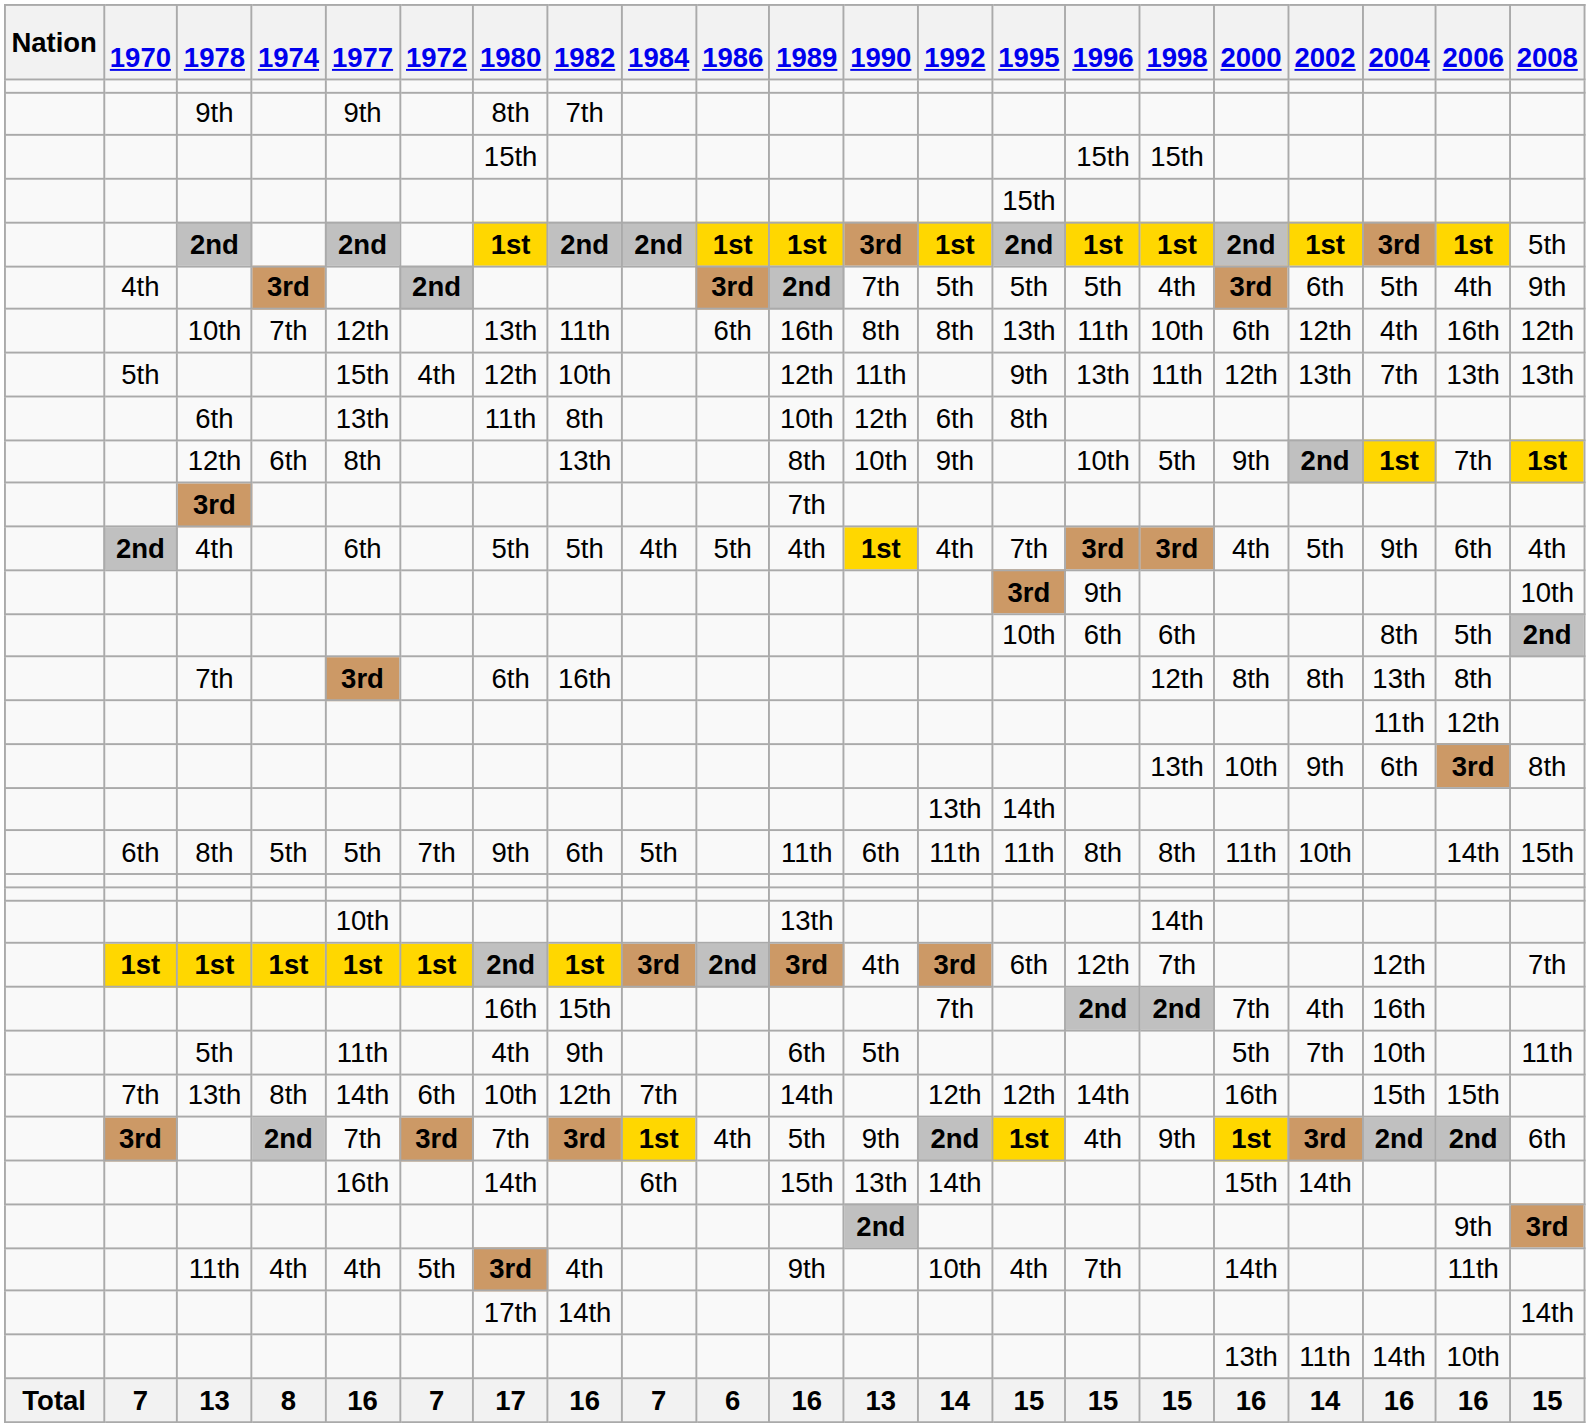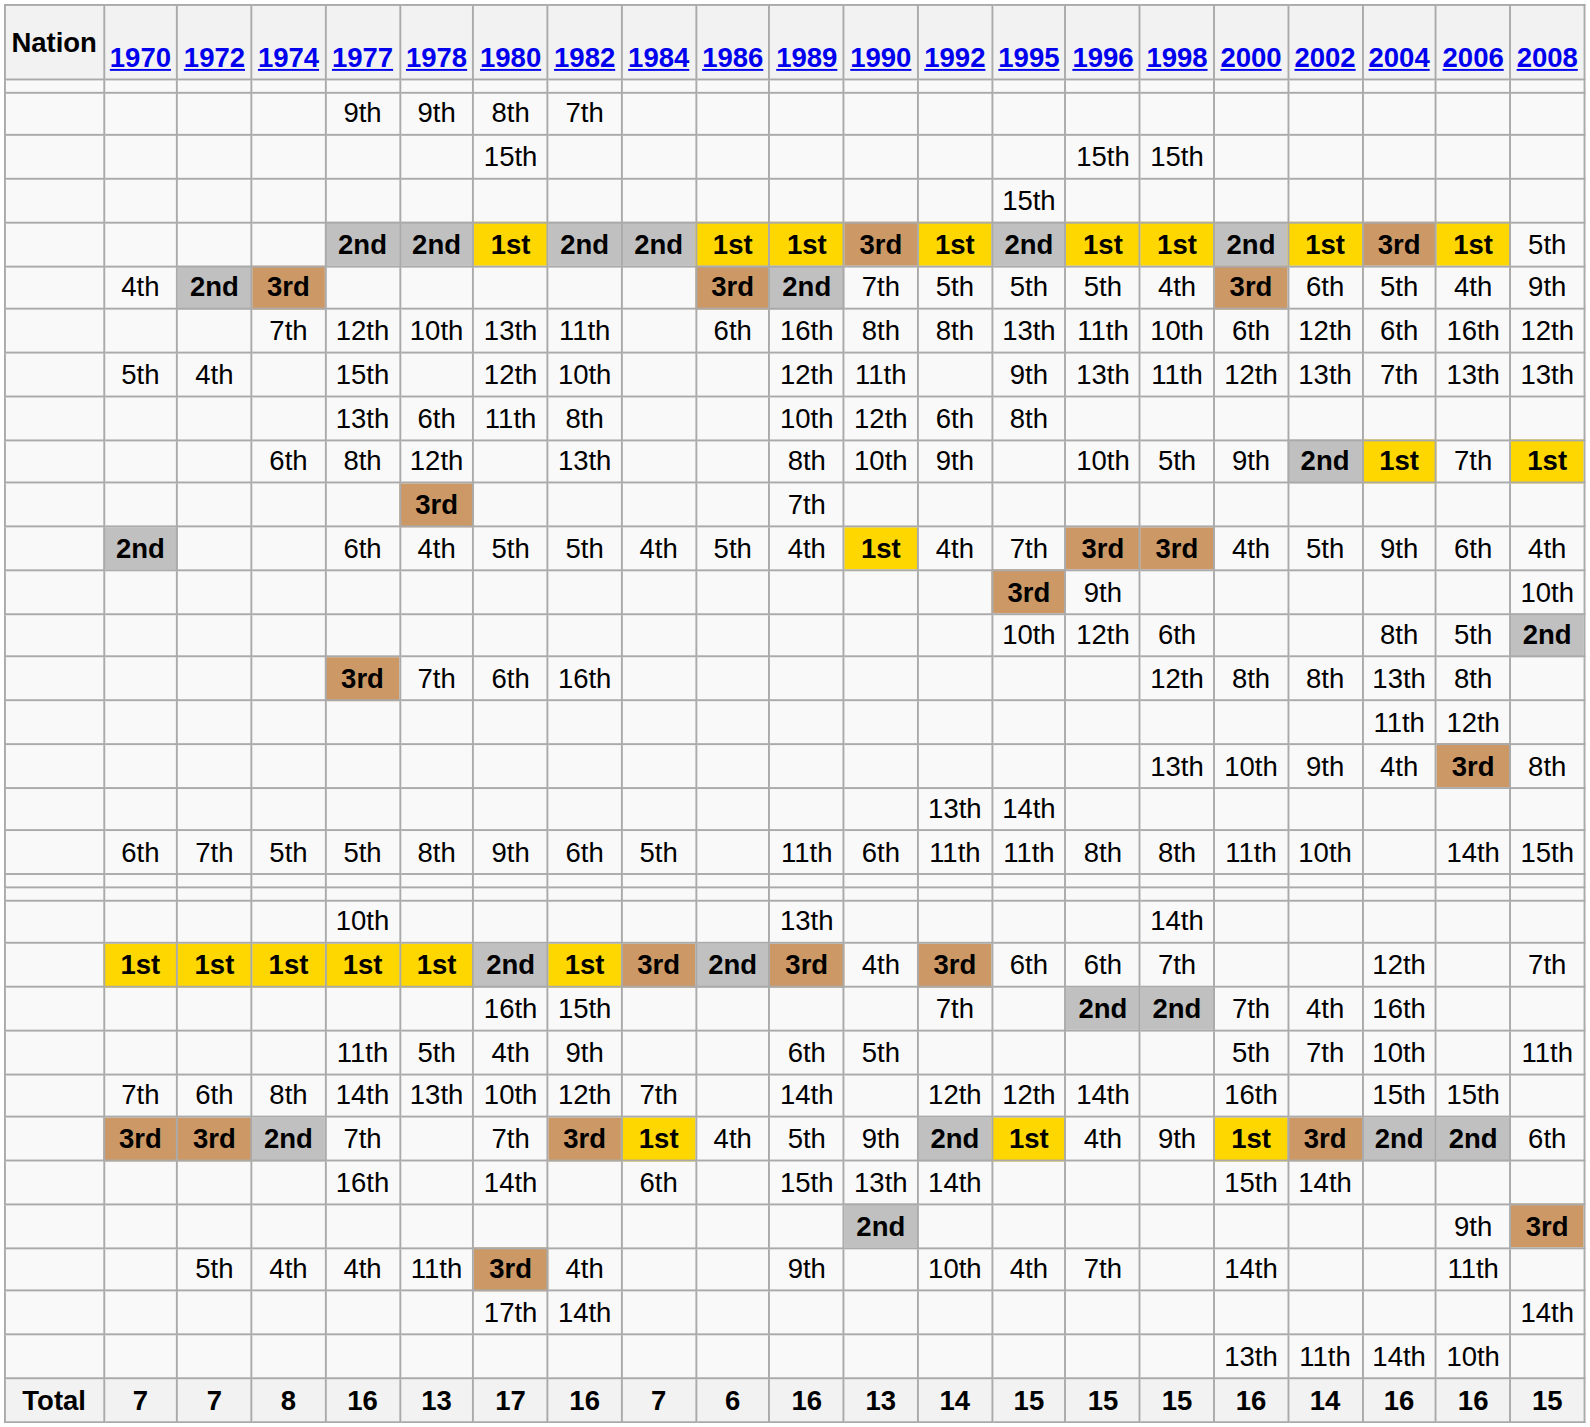 <table class="wikitable" style="text-align:center; font-size:90%">
 <tr>
 <th>Nation</th>
 <th><br><a href='#'>1970</a></th>
-<th><br><a href='#'>1978</a></th>
+<th><br><a href='#'>1972</a></th>
 <th><br><a href='#'>1974</a></th>
 <th><br><a href='#'>1977</a></th>
-<th><br><a href='#'>1972</a></th>
+<th><br><a href='#'>1978</a></th>
 <th><br><a href='#'>1980</a></th>
 <th><br><a href='#'>1982</a></th>
 <th><br><a href='#'>1984</a></th>
 <th><br><a href='#'>1986</a></th>
 <th><br><a href='#'>1989</a></th>
 <th><br><a href='#'>1990</a></th>
 <th><br><a href='#'>1992</a></th>
 <th><br><a href='#'>1995</a></th>
 <th><br><a href='#'>1996</a></th>
 <th><br><a href='#'>1998</a></th>
 <th><br><a href='#'>2000</a></th>
 <th><br><a href='#'>2002</a></th>
 <th><br><a href='#'>2004</a></th>
 <th><br><a href='#'>2006</a></th>
 <th><br><a href='#'>2008</a></th>
 </tr>
 <tr>
 <td align=left></td>
 <td></td>
 <td></td>
 <td></td>
 <td></td>
 <td></td>
 <td></td>
 <td></td>
 <td></td>
 <td></td>
 <td></td>
 <td></td>
 <td></td>
 <td></td>
 <td></td>
 <td></td>
 <td></td>
 <td></td>
 <td></td>
 <td></td>
 <td></td>
 </tr>
 <tr>
 <td align=left></td>
 <td></td>
-<td>9th</td>
+<td></td>
 <td></td>
 <td>9th</td>
-<td></td>
+<td>9th</td>
 <td>8th</td>
 <td>7th</td>
 <td></td>
 <td></td>
 <td></td>
 <td></td>
 <td></td>
 <td></td>
 <td></td>
 <td></td>
 <td></td>
 <td></td>
 <td></td>
 <td></td>
 <td></td>
 </tr>
 <tr>
 <td align=left></td>
 <td></td>
 <td></td>
 <td></td>
 <td></td>
 <td></td>
 <td>15th</td>
 <td></td>
 <td></td>
 <td></td>
 <td></td>
 <td></td>
 <td></td>
 <td></td>
 <td>15th</td>
 <td>15th</td>
 <td></td>
 <td></td>
 <td></td>
 <td></td>
 <td></td>
 </tr>
 <tr>
 <td align=left></td>
 <td></td>
 <td></td>
 <td></td>
 <td></td>
 <td></td>
 <td></td>
 <td></td>
 <td></td>
 <td></td>
 <td></td>
 <td></td>
 <td></td>
 <td>15th</td>
 <td></td>
 <td></td>
 <td></td>
 <td></td>
 <td></td>
 <td></td>
 <td></td>
 </tr>
 <tr>
 <td align=left></td>
 <td></td>
-<td bgcolor=silver><strong>2nd</strong></td>
+<td></td>
 <td></td>
 <td bgcolor=silver><strong>2nd</strong></td>
-<td></td>
+<td bgcolor=silver><strong>2nd</strong></td>
 <td bgcolor=gold><strong>1st</strong></td>
 <td bgcolor=silver><strong>2nd</strong></td>
 <td bgcolor=silver><strong>2nd</strong></td>
 <td bgcolor=gold><strong>1st</strong></td>
 <td bgcolor=gold><strong>1st</strong></td>
 <td bgcolor=#cc9966><strong>3rd</strong></td>
 <td bgcolor=gold><strong>1st</strong></td>
 <td bgcolor=silver><strong>2nd</strong></td>
 <td bgcolor=gold><strong>1st</strong></td>
 <td bgcolor=gold><strong>1st</strong></td>
 <td bgcolor=silver><strong>2nd</strong></td>
 <td bgcolor=gold><strong>1st</strong></td>
 <td bgcolor=#cc9966><strong>3rd</strong></td>
 <td bgcolor=gold><strong>1st</strong></td>
 <td>5th</td>
 </tr>
 <tr>
 <td align=left></td>
 <td>4th</td>
-<td></td>
+<td bgcolor=silver><strong>2nd</strong></td>
 <td bgcolor=#cc9966><strong>3rd</strong></td>
 <td></td>
-<td bgcolor=silver><strong>2nd</strong></td>
+<td></td>
 <td></td>
 <td></td>
 <td></td>
 <td bgcolor=#cc9966><strong>3rd</strong></td>
 <td bgcolor=silver><strong>2nd</strong></td>
 <td>7th</td>
 <td>5th</td>
 <td>5th</td>
 <td>5th</td>
 <td>4th</td>
 <td bgcolor=#cc9966><strong>3rd</strong></td>
 <td>6th</td>
 <td>5th</td>
 <td>4th</td>
 <td>9th</td>
 </tr>
 <tr>
 <td align=left></td>
 <td></td>
-<td>10th</td>
+<td></td>
 <td>7th</td>
 <td>12th</td>
-<td></td>
+<td>10th</td>
 <td>13th</td>
 <td>11th</td>
 <td></td>
 <td>6th</td>
 <td>16th</td>
 <td>8th</td>
 <td>8th</td>
 <td>13th</td>
 <td>11th</td>
 <td>10th</td>
 <td>6th</td>
 <td>12th</td>
-<td>4th</td>
+<td>6th</td>
 <td>16th</td>
 <td>12th</td>
 </tr>
 <tr>
 <td align=left></td>
 <td>5th</td>
-<td></td>
+<td>4th</td>
 <td></td>
 <td>15th</td>
-<td>4th</td>
+<td></td>
 <td>12th</td>
 <td>10th</td>
 <td></td>
 <td></td>
 <td>12th</td>
 <td>11th</td>
 <td></td>
 <td>9th</td>
 <td>13th</td>
 <td>11th</td>
 <td>12th</td>
 <td>13th</td>
 <td>7th</td>
 <td>13th</td>
 <td>13th</td>
 </tr>
 <tr>
 <td align=left></td>
 <td></td>
-<td>6th</td>
+<td></td>
 <td></td>
 <td>13th</td>
-<td></td>
+<td>6th</td>
 <td>11th</td>
 <td>8th</td>
 <td></td>
 <td></td>
 <td>10th</td>
 <td>12th</td>
 <td>6th</td>
 <td>8th</td>
 <td></td>
 <td></td>
 <td></td>
 <td></td>
 <td></td>
 <td></td>
 <td></td>
 </tr>
 <tr>
 <td align=left></td>
 <td></td>
-<td>12th</td>
+<td></td>
 <td>6th</td>
 <td>8th</td>
-<td></td>
+<td>12th</td>
 <td></td>
 <td>13th</td>
 <td></td>
 <td></td>
 <td>8th</td>
 <td>10th</td>
 <td>9th</td>
 <td></td>
 <td>10th</td>
 <td>5th</td>
 <td>9th</td>
 <td bgcolor=silver><strong>2nd</strong></td>
 <td bgcolor=gold><strong>1st</strong></td>
 <td>7th</td>
 <td bgcolor=gold><strong>1st</strong></td>
 </tr>
 <tr>
 <td align=left></td>
 <td></td>
-<td bgcolor=#cc9966><strong>3rd</strong></td>
 <td></td>
 <td></td>
 <td></td>
+<td bgcolor=#cc9966><strong>3rd</strong></td>
 <td></td>
 <td></td>
 <td></td>
 <td></td>
 <td>7th</td>
 <td></td>
 <td></td>
 <td></td>
 <td></td>
 <td></td>
 <td></td>
 <td></td>
 <td></td>
 <td></td>
 <td></td>
 </tr>
 <tr>
 <td align=left></td>
 <td bgcolor=silver><strong>2nd</strong></td>
-<td>4th</td>
+<td></td>
 <td></td>
 <td>6th</td>
-<td></td>
+<td>4th</td>
 <td>5th</td>
 <td>5th</td>
 <td>4th</td>
 <td>5th</td>
 <td>4th</td>
 <td bgcolor=gold><strong>1st</strong></td>
 <td>4th</td>
 <td>7th</td>
 <td bgcolor=#cc9966><strong>3rd</strong></td>
 <td bgcolor=#cc9966><strong>3rd</strong></td>
 <td>4th</td>
 <td>5th</td>
 <td>9th</td>
 <td>6th</td>
 <td>4th</td>
 </tr>
 <tr>
 <td align=left></td>
 <td></td>
 <td></td>
 <td></td>
 <td></td>
 <td></td>
 <td></td>
 <td></td>
 <td></td>
 <td></td>
 <td></td>
 <td></td>
 <td></td>
 <td bgcolor=#cc9966><strong>3rd</strong></td>
 <td>9th</td>
 <td></td>
 <td></td>
 <td></td>
 <td></td>
 <td></td>
 <td>10th</td>
 </tr>
 <tr>
 <td align=left></td>
 <td></td>
 <td></td>
 <td></td>
 <td></td>
 <td></td>
 <td></td>
 <td></td>
 <td></td>
 <td></td>
 <td></td>
 <td></td>
 <td></td>
 <td>10th</td>
-<td>6th</td>
+<td>12th</td>
 <td>6th</td>
 <td></td>
 <td></td>
 <td>8th</td>
 <td>5th</td>
 <td bgcolor=silver><strong>2nd</strong></td>
 </tr>
 <tr>
 <td align=left></td>
 <td></td>
-<td>7th</td>
+<td></td>
 <td></td>
 <td bgcolor=#cc9966><strong>3rd</strong></td>
-<td></td>
+<td>7th</td>
 <td>6th</td>
 <td>16th</td>
 <td></td>
 <td></td>
 <td></td>
 <td></td>
 <td></td>
 <td></td>
 <td></td>
 <td>12th</td>
 <td>8th</td>
 <td>8th</td>
 <td>13th</td>
 <td>8th</td>
 <td></td>
 </tr>
 <tr>
 <td align=left></td>
 <td></td>
 <td></td>
 <td></td>
 <td></td>
 <td></td>
 <td></td>
 <td></td>
 <td></td>
 <td></td>
 <td></td>
 <td></td>
 <td></td>
 <td></td>
 <td></td>
 <td></td>
 <td></td>
 <td></td>
 <td>11th</td>
 <td>12th</td>
 <td></td>
 </tr>
 <tr>
 <td align=left></td>
 <td></td>
 <td></td>
 <td></td>
 <td></td>
 <td></td>
 <td></td>
 <td></td>
 <td></td>
 <td></td>
 <td></td>
 <td></td>
 <td></td>
 <td></td>
 <td></td>
 <td>13th</td>
 <td>10th</td>
 <td>9th</td>
-<td>6th</td>
+<td>4th</td>
 <td bgcolor=#cc9966><strong>3rd</strong></td>
 <td>8th</td>
 </tr>
 <tr>
 <td align=left></td>
 <td></td>
 <td></td>
 <td></td>
 <td></td>
 <td></td>
 <td></td>
 <td></td>
 <td></td>
 <td></td>
 <td></td>
 <td></td>
 <td>13th</td>
 <td>14th</td>
 <td></td>
 <td></td>
 <td></td>
 <td></td>
 <td></td>
 <td></td>
 <td></td>
 </tr>
 <tr>
 <td align=left></td>
 <td>6th</td>
-<td>8th</td>
+<td>7th</td>
 <td>5th</td>
 <td>5th</td>
-<td>7th</td>
+<td>8th</td>
 <td>9th</td>
 <td>6th</td>
 <td>5th</td>
 <td></td>
 <td>11th</td>
 <td>6th</td>
 <td>11th</td>
 <td>11th</td>
 <td>8th</td>
 <td>8th</td>
 <td>11th</td>
 <td>10th</td>
 <td></td>
 <td>14th</td>
 <td>15th</td>
 </tr>
 <tr>
 <td align=left></td>
 <td></td>
 <td></td>
 <td></td>
 <td></td>
 <td></td>
 <td></td>
 <td></td>
 <td></td>
 <td></td>
 <td></td>
 <td></td>
 <td></td>
 <td></td>
 <td></td>
 <td></td>
 <td></td>
 <td></td>
 <td></td>
 <td></td>
 <td></td>
 </tr>
 <tr>
 <td align=left></td>
 <td></td>
 <td></td>
 <td></td>
 <td></td>
 <td></td>
 <td></td>
 <td></td>
 <td></td>
 <td></td>
 <td></td>
 <td></td>
 <td></td>
 <td></td>
 <td></td>
 <td></td>
 <td></td>
 <td></td>
 <td></td>
 <td></td>
 <td></td>
 </tr>
 <tr>
 <td align=left></td>
 <td></td>
 <td></td>
 <td></td>
 <td>10th</td>
 <td></td>
 <td></td>
 <td></td>
 <td></td>
 <td></td>
 <td>13th</td>
 <td></td>
 <td></td>
 <td></td>
 <td></td>
 <td>14th</td>
 <td></td>
 <td></td>
 <td></td>
 <td></td>
 <td></td>
 </tr>
 <tr>
 <td align=left></td>
 <td bgcolor=gold><strong>1st</strong></td>
 <td bgcolor=gold><strong>1st</strong></td>
 <td bgcolor=gold><strong>1st</strong></td>
 <td bgcolor=gold><strong>1st</strong></td>
 <td bgcolor=gold><strong>1st</strong></td>
 <td bgcolor=silver><strong>2nd</strong></td>
 <td bgcolor=gold><strong>1st</strong></td>
 <td bgcolor=#cc9966><strong>3rd</strong></td>
 <td bgcolor=silver><strong>2nd</strong></td>
 <td bgcolor=#cc9966><strong>3rd</strong></td>
 <td>4th</td>
 <td bgcolor=#cc9966><strong>3rd</strong></td>
 <td>6th</td>
-<td>12th</td>
+<td>6th</td>
 <td>7th</td>
 <td></td>
 <td></td>
 <td>12th</td>
 <td></td>
 <td>7th</td>
 </tr>
 <tr>
 <td align=left></td>
 <td></td>
 <td></td>
 <td></td>
 <td></td>
 <td></td>
 <td>16th</td>
 <td>15th</td>
 <td></td>
 <td></td>
 <td></td>
 <td></td>
 <td>7th</td>
 <td></td>
 <td bgcolor=silver><strong>2nd</strong></td>
 <td bgcolor=silver><strong>2nd</strong></td>
 <td>7th</td>
 <td>4th</td>
 <td>16th</td>
 <td></td>
 <td></td>
 </tr>
 <tr>
 <td align=left></td>
 <td></td>
-<td>5th</td>
+<td></td>
 <td></td>
 <td>11th</td>
-<td></td>
+<td>5th</td>
 <td>4th</td>
 <td>9th</td>
 <td></td>
 <td></td>
 <td>6th</td>
 <td>5th</td>
 <td></td>
 <td></td>
 <td></td>
 <td></td>
 <td>5th</td>
 <td>7th</td>
 <td>10th</td>
 <td></td>
 <td>11th</td>
 </tr>
 <tr>
 <td align=left></td>
 <td>7th</td>
-<td>13th</td>
+<td>6th</td>
 <td>8th</td>
 <td>14th</td>
-<td>6th</td>
+<td>13th</td>
 <td>10th</td>
 <td>12th</td>
 <td>7th</td>
 <td></td>
 <td>14th</td>
 <td></td>
 <td>12th</td>
 <td>12th</td>
 <td>14th</td>
 <td></td>
 <td>16th</td>
 <td></td>
 <td>15th</td>
 <td>15th</td>
 <td></td>
 </tr>
 <tr>
 <td align=left></td>
 <td bgcolor=#cc9966><strong>3rd</strong></td>
-<td></td>
+<td bgcolor=#cc9966><strong>3rd</strong></td>
 <td bgcolor=silver><strong>2nd</strong></td>
 <td>7th</td>
-<td bgcolor=#cc9966><strong>3rd</strong></td>
+<td></td>
 <td>7th</td>
 <td bgcolor=#cc9966><strong>3rd</strong></td>
 <td bgcolor=gold><strong>1st</strong></td>
 <td>4th</td>
 <td>5th</td>
 <td>9th</td>
 <td bgcolor=silver><strong>2nd</strong></td>
 <td bgcolor=gold><strong>1st</strong></td>
 <td>4th</td>
 <td>9th</td>
 <td bgcolor=gold><strong>1st</strong></td>
 <td bgcolor=#cc9966><strong>3rd</strong></td>
 <td bgcolor=silver><strong>2nd</strong></td>
 <td bgcolor=silver><strong>2nd</strong></td>
 <td>6th</td>
 </tr>
 <tr>
 <td align=left></td>
 <td></td>
 <td></td>
 <td></td>
 <td>16th</td>
 <td></td>
 <td>14th</td>
 <td></td>
 <td>6th</td>
 <td></td>
 <td>15th</td>
 <td>13th</td>
 <td>14th</td>
 <td></td>
 <td></td>
 <td></td>
 <td>15th</td>
 <td>14th</td>
 <td></td>
 <td></td>
 <td></td>
 </tr>
 <tr>
 <td align=left></td>
 <td></td>
 <td></td>
 <td></td>
 <td></td>
 <td></td>
 <td></td>
 <td></td>
 <td></td>
 <td></td>
 <td></td>
 <td bgcolor=silver><strong>2nd</strong></td>
 <td></td>
 <td></td>
 <td></td>
 <td></td>
 <td></td>
 <td></td>
 <td></td>
 <td>9th</td>
 <td bgcolor=#cc9966><strong>3rd</strong></td>
 </tr>
 <tr>
 <td align=left></td>
 <td></td>
-<td>11th</td>
+<td>5th</td>
 <td>4th</td>
 <td>4th</td>
-<td>5th</td>
+<td>11th</td>
 <td bgcolor=#cc9966><strong>3rd</strong></td>
 <td>4th</td>
 <td></td>
 <td></td>
 <td>9th</td>
 <td></td>
 <td>10th</td>
 <td>4th</td>
 <td>7th</td>
 <td></td>
 <td>14th</td>
 <td></td>
 <td></td>
 <td>11th</td>
 <td></td>
 </tr>
 <tr>
 <td align=left></td>
 <td></td>
 <td></td>
 <td></td>
 <td></td>
 <td></td>
 <td>17th</td>
 <td>14th</td>
 <td></td>
 <td></td>
 <td></td>
 <td></td>
 <td></td>
 <td></td>
 <td></td>
 <td></td>
 <td></td>
 <td></td>
 <td></td>
 <td></td>
 <td>14th</td>
 </tr>
 <tr>
 <td align=left></td>
 <td></td>
 <td></td>
 <td></td>
 <td></td>
 <td></td>
 <td></td>
 <td></td>
 <td></td>
 <td></td>
 <td></td>
 <td></td>
 <td></td>
 <td></td>
 <td></td>
 <td></td>
 <td>13th</td>
 <td>11th</td>
 <td>14th</td>
 <td>10th</td>
 <td></td>
 </tr>
 <tr>
 <th>Total</th>
 <th>7</th>
-<th>13</th>
+<th>7</th>
 <th>8</th>
 <th>16</th>
-<th>7</th>
+<th>13</th>
 <th>17</th>
 <th>16</th>
 <th>7</th>
 <th>6</th>
 <th>16</th>
 <th>13</th>
 <th>14</th>
 <th>15</th>
 <th>15</th>
 <th>15</th>
 <th>16</th>
 <th>14</th>
 <th>16</th>
 <th>16</th>
 <th>15</th>
 </tr>
 </table>
